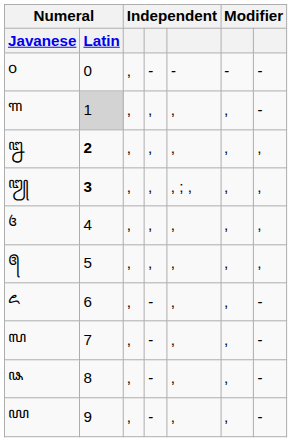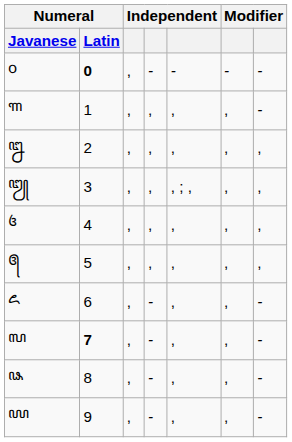 <table class="wikitable">
 <tr>
 <th colspan="2">Numeral</th>
 <th colspan="3">Independent</th>
 <th colspan="2">Modifier</th>
 </tr>
 <tr>
 <th><a href='#'>Javanese</a></th>
 <th><a href='#'>Latin</a></th>
 <th></th>
 <th></th>
 <th></th>
 <th></th>
 <th></th>
 </tr>
 <tr>
 <td>꧐</td>
-<td>0</td>
+<td><strong>0</strong></td>
 <td>, </td>
 <td><em>-</em></td>
 <td><em>-</em></td>
 <td><em>-</em></td>
 <td><em>-</em></td>
 </tr>
 <tr>
 <td>꧑</td>
-<td style="background: lightgrey;">1</td>
+<td>1</td>
 <td>, </td>
 <td>, </td>
 <td>, </td>
 <td>, </td>
 <td><em>-</em></td>
 </tr>
 <tr>
 <td>꧒</td>
-<td><strong>2</strong></td>
+<td>2</td>
 <td>, </td>
 <td>, </td>
 <td>, </td>
 <td>, </td>
 <td>, </td>
 </tr>
 <tr>
 <td>꧓</td>
-<td><strong>3</strong></td>
+<td>3</td>
 <td>, </td>
 <td>, </td>
 <td>, ; , </td>
 <td>, </td>
 <td>, </td>
 </tr>
 <tr>
 <td>꧔</td>
 <td>4</td>
 <td>, </td>
 <td>, </td>
 <td>, </td>
 <td>, </td>
 <td>, </td>
 </tr>
 <tr>
 <td>꧕</td>
 <td>5</td>
 <td>, </td>
 <td>, </td>
 <td>, </td>
 <td>, </td>
 <td>, </td>
 </tr>
 <tr>
 <td>꧖</td>
 <td>6</td>
 <td>, </td>
 <td><em>-</em></td>
 <td>, </td>
 <td>, </td>
 <td><em>-</em></td>
 </tr>
 <tr>
 <td>꧗</td>
-<td>7</td>
+<td><strong>7</strong></td>
 <td>, </td>
 <td><em>-</em></td>
 <td>, </td>
 <td>, </td>
 <td><em>-</em></td>
 </tr>
 <tr>
 <td>꧘</td>
 <td>8</td>
 <td>, </td>
 <td><em>-</em></td>
 <td>, </td>
 <td>, </td>
 <td><em>-</em></td>
 </tr>
 <tr>
 <td>꧙</td>
 <td>9</td>
 <td>, </td>
 <td><em>-</em></td>
 <td>, </td>
 <td>, </td>
 <td><em>-</em></td>
 </tr>
 </table>
